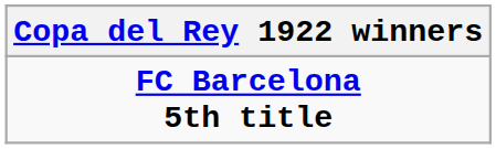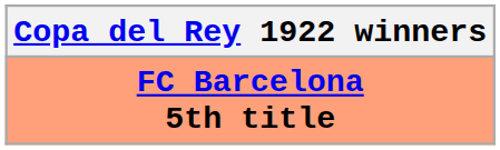 <table class="wikitable" style="text-align: center; margin: 0 auto;">
 <tr>
 <th><a href='#'>Copa del Rey</a> 1922 winners</th>
 </tr>
 <tr>
-<td><strong><a href='#'>FC Barcelona</a></strong><br><strong>5th title</strong></td>
+<td style="background: lightsalmon;"><strong><a href='#'>FC Barcelona</a></strong><br><strong>5th title</strong></td>
 </tr>
 </table>
